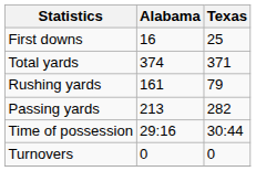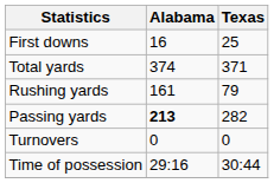 <table class="wikitable" style="float: left;">
 <tr>
 <th>Statistics</th>
 <th>Alabama</th>
 <th>Texas</th>
 </tr>
 <tr>
 <td>First downs</td>
 <td>16</td>
 <td>25</td>
 </tr>
 <tr>
 <td>Total yards</td>
 <td>374</td>
 <td>371</td>
 </tr>
 <tr>
 <td>Rushing yards</td>
 <td>161</td>
 <td>79</td>
 </tr>
 <tr>
 <td>Passing yards</td>
-<td>213</td>
+<td><strong>213</strong></td>
 <td>282</td>
+</tr>
+<tr>
+<td>Turnovers</td>
+<td>0</td>
+<td>0</td>
 </tr>
 <tr>
 <td>Time of possession</td>
 <td>29:16</td>
 <td>30:44</td>
 </tr>
 <tr>
-<td>Turnovers</td>
-<td>0</td>
-<td>0</td>
-</tr>
-<tr>
 </tr>
 </table>
